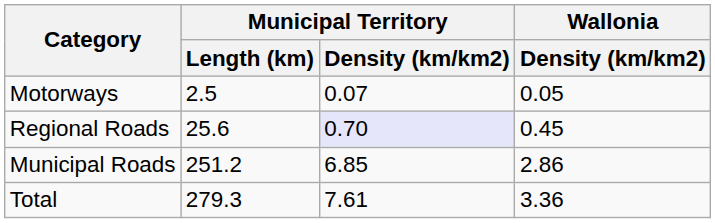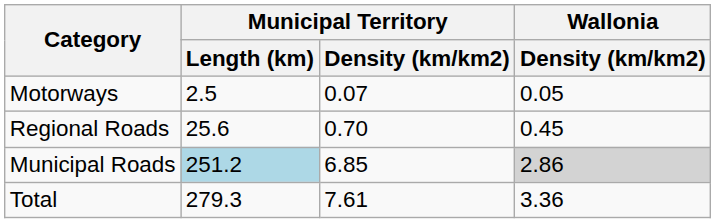 <table class="wikitable">
 <tr>
 <th rowspan="2">Category</th>
 <th colspan="2">Municipal Territory</th>
 <th>Wallonia</th>
 </tr>
 <tr>
 <th><strong>Length (km)</strong></th>
 <th>Density (km/km2)</th>
 <th>Density (km/km2)</th>
 </tr>
 <tr>
 <td>Motorways</td>
 <td>2.5</td>
 <td>0.07</td>
 <td>0.05</td>
 </tr>
 <tr>
 <td>Regional Roads</td>
 <td>25.6</td>
-<td style="background: lavender;">0.70</td>
+<td>0.70</td>
 <td>0.45</td>
 </tr>
 <tr>
 <td>Municipal Roads</td>
-<td>251.2</td>
+<td style="background: lightblue;">251.2</td>
 <td>6.85</td>
-<td>2.86</td>
+<td style="background: lightgrey;">2.86</td>
 </tr>
 <tr>
 <td>Total</td>
 <td>279.3</td>
 <td>7.61</td>
 <td>3.36</td>
 </tr>
 </table>
